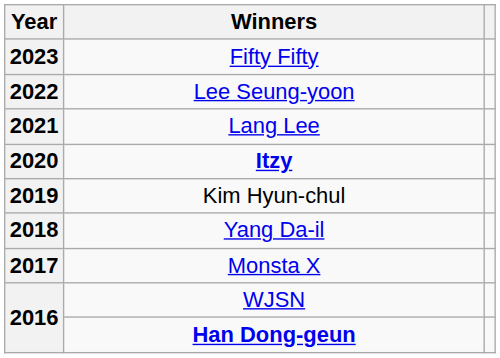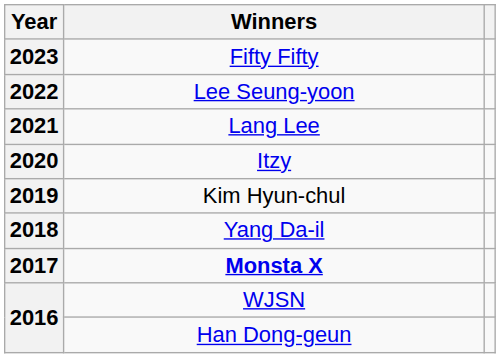 <table class="wikitable sortable plainrowheaders" style="text-align: center;">
 <tr>
 <th scope="col">Year</th>
 <th scope="col" style="width:300px">Winners</th>
 <th scope="col" class="unsortable"></th>
 </tr>
 <tr>
 <th scope="row">2023</th>
 <td><a href='#'>Fifty Fifty</a></td>
 <td></td>
 </tr>
 <tr>
 <th scope="row">2022</th>
 <td><a href='#'>Lee Seung-yoon</a></td>
 <td></td>
 </tr>
 <tr>
 <th scope="row">2021</th>
 <td><a href='#'>Lang Lee</a></td>
 <td></td>
 </tr>
 <tr>
 <th scope="row">2020</th>
-<td><strong><a href='#'>Itzy</a></strong></td>
+<td><a href='#'>Itzy</a></td>
 <td style="text-align:center"></td>
 </tr>
 <tr>
 <th scope="row">2019</th>
 <td>Kim Hyun-chul</td>
 <td style="text-align:center"></td>
 </tr>
 <tr>
 <th scope="row">2018</th>
 <td><a href='#'>Yang Da-il</a></td>
 <td style="text-align:center"></td>
 </tr>
 <tr>
 <th scope="row">2017</th>
-<td><a href='#'>Monsta X</a></td>
+<td><strong><a href='#'>Monsta X</a></strong></td>
 <td style="text-align:center"></td>
 </tr>
 <tr>
 <th scope="row" rowspan="2">2016</th>
 <td><a href='#'>WJSN</a></td>
 <td style="text-align:center"></td>
 </tr>
 <tr>
-<td><strong><a href='#'>Han Dong-geun</a></strong></td>
+<td><a href='#'>Han Dong-geun</a></td>
 <td></td>
 </tr>
 </table>
